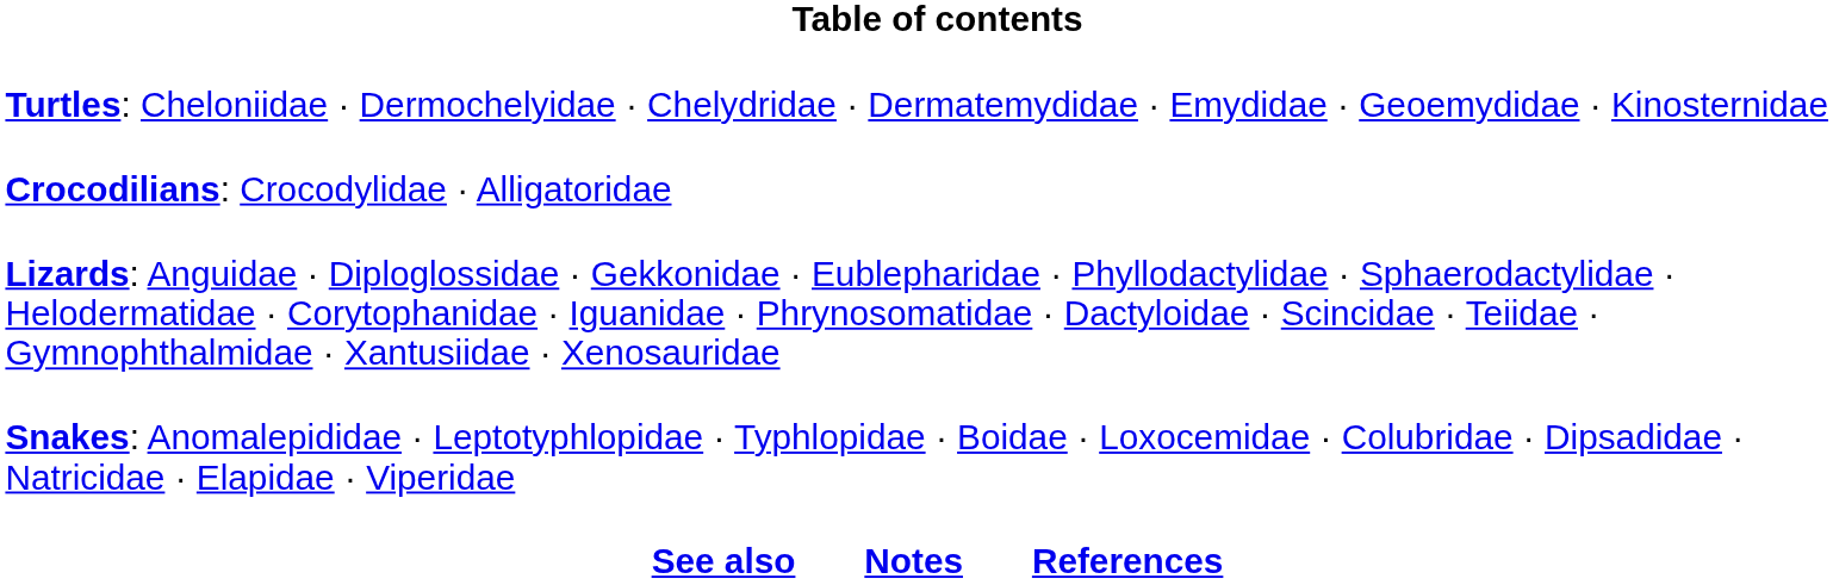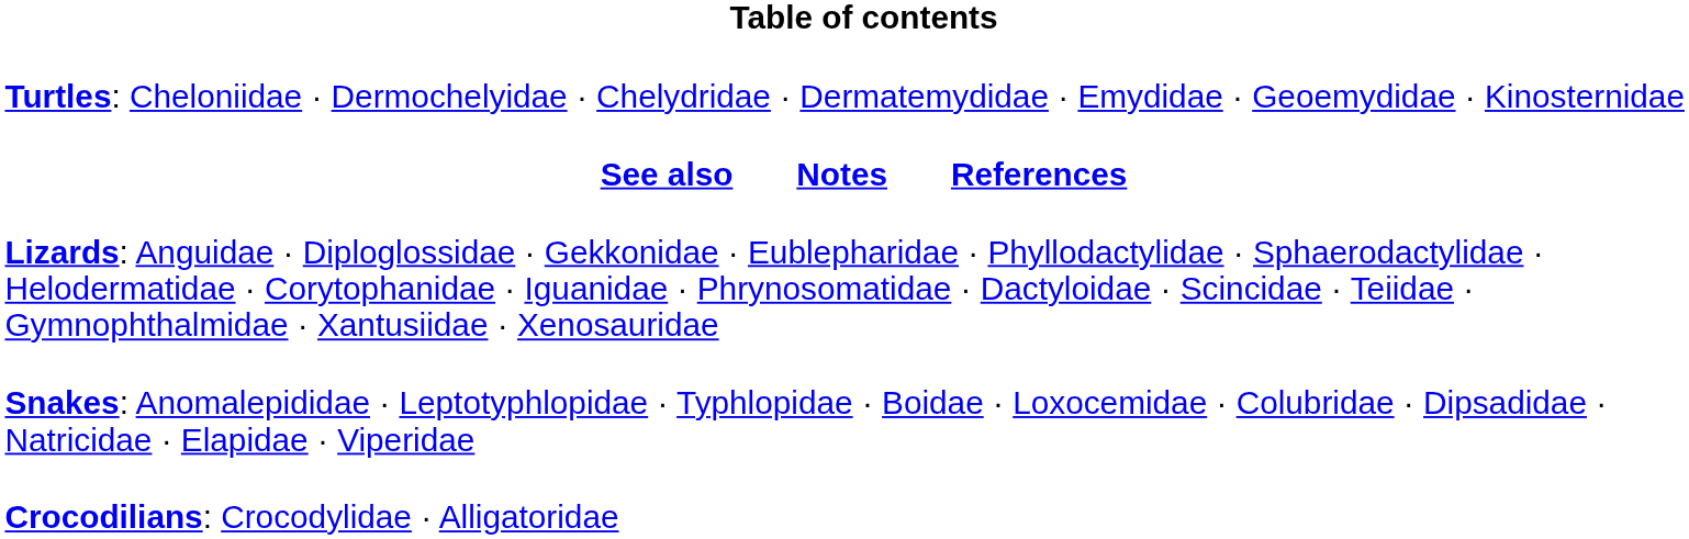 <table class="toccolours" style="margin:0 auto; width:55em; clear:both;">
 <tr>
 <th>Table of contents</th>
 </tr>
 <tr>
 <td style="padding:0 2% 0 2%; text-align:left;"><br><strong><a href='#'>Turtles</a></strong>: <a href='#'>Cheloniidae</a> ·  <a href='#'>Dermochelyidae</a> ·  <a href='#'>Chelydridae</a> ·  <a href='#'>Dermatemydidae</a> ·  <a href='#'>Emydidae</a> ·  <a href='#'>Geoemydidae</a> ·  <a href='#'>Kinosternidae</a></td>
 </tr>
 <tr>
-<td style="padding:0 2% 0 2%; text-align:left;"><br><strong><a href='#'>Crocodilians</a></strong>: <a href='#'>Crocodylidae</a> ·  <a href='#'>Alligatoridae</a></td>
+<td style="padding:0 2% 0 2%; text-align:center;"><br><strong><a href='#'>See also</a></strong>       <strong><a href='#'>Notes</a></strong>       <strong><a href='#'>References</a></strong></td>
 </tr>
 <tr>
 <td style="padding:0 2% 0 2%; text-align:left;"><br><strong><a href='#'>Lizards</a></strong>: <a href='#'>Anguidae</a> ·  <a href='#'>Diploglossidae</a> ·  <a href='#'>Gekkonidae</a> ·  <a href='#'>Eublepharidae</a> ·  <a href='#'>Phyllodactylidae</a> ·  <a href='#'>Sphaerodactylidae</a> ·  <a href='#'>Helodermatidae</a> ·  <a href='#'>Corytophanidae</a> ·  <a href='#'>Iguanidae</a> ·  <a href='#'>Phrynosomatidae</a> ·  <a href='#'>Dactyloidae</a> ·  <a href='#'>Scincidae</a> ·  <a href='#'>Teiidae</a> ·  <a href='#'>Gymnophthalmidae</a> ·  <a href='#'>Xantusiidae</a> ·  <a href='#'>Xenosauridae</a></td>
 </tr>
 <tr>
 <td style="padding:0 2% 0 2%; text-align:left;"><br><strong><a href='#'>Snakes</a></strong>: <a href='#'>Anomalepididae</a> ·  <a href='#'>Leptotyphlopidae</a> ·  <a href='#'>Typhlopidae</a> ·  <a href='#'>Boidae</a> ·  <a href='#'>Loxocemidae</a> ·  <a href='#'>Colubridae</a> ·  <a href='#'>Dipsadidae</a> ·  <a href='#'>Natricidae</a> ·  <a href='#'>Elapidae</a> ·  <a href='#'>Viperidae</a></td>
 </tr>
 <tr>
-<td style="padding:0 2% 0 2%; text-align:center;"><br><strong><a href='#'>See also</a></strong>       <strong><a href='#'>Notes</a></strong>       <strong><a href='#'>References</a></strong></td>
+<td style="padding:0 2% 0 2%; text-align:left;"><br><strong><a href='#'>Crocodilians</a></strong>: <a href='#'>Crocodylidae</a> ·  <a href='#'>Alligatoridae</a></td>
 </tr>
 </table>
